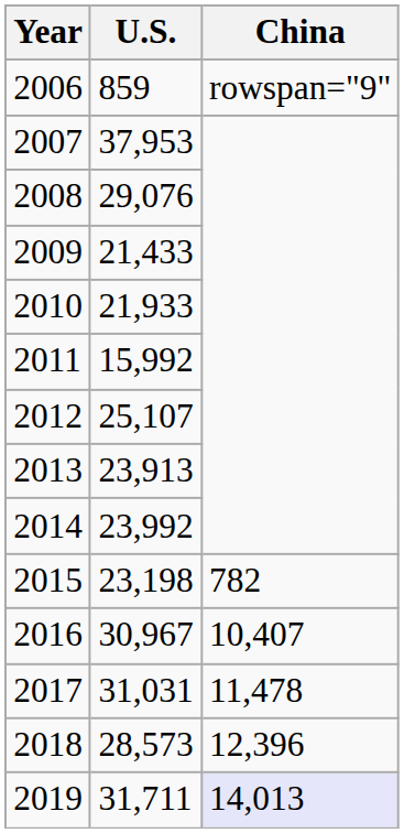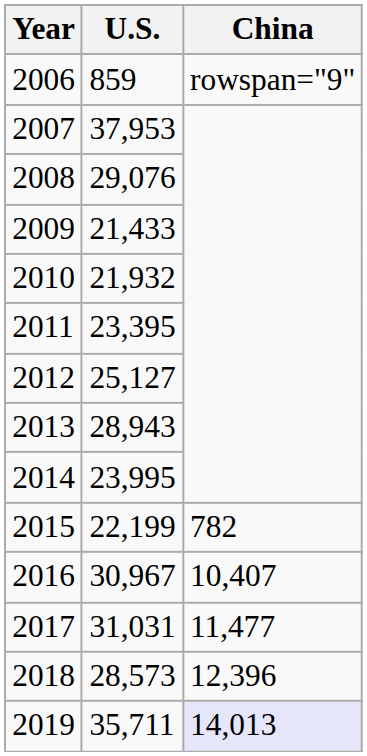 <table class="wikitable">
 <tr>
 <th>Year</th>
 <th>U.S.</th>
 <th>China</th>
 </tr>
 <tr>
 <td>2006</td>
 <td>859</td>
 <td>rowspan="9" </td>
 </tr>
 <tr>
 <td>2007</td>
 <td>37,953</td>
 </tr>
 <tr>
 <td>2008</td>
 <td>29,076</td>
 </tr>
 <tr>
 <td>2009</td>
 <td>21,433</td>
 </tr>
 <tr>
 <td>2010</td>
-<td>21,933</td>
+<td>21,932</td>
 </tr>
 <tr>
 <td>2011</td>
-<td>15,992</td>
+<td>23,395</td>
 </tr>
 <tr>
 <td>2012</td>
-<td>25,107</td>
+<td>25,127</td>
 </tr>
 <tr>
 <td>2013</td>
-<td>23,913</td>
+<td>28,943</td>
 </tr>
 <tr>
 <td>2014</td>
-<td>23,992</td>
+<td>23,995</td>
 </tr>
 <tr>
 <td>2015</td>
-<td>23,198</td>
+<td>22,199</td>
 <td>782</td>
 </tr>
 <tr>
 <td>2016</td>
 <td>30,967</td>
 <td>10,407</td>
 </tr>
 <tr>
 <td>2017</td>
 <td>31,031</td>
-<td>11,478</td>
+<td>11,477</td>
 </tr>
 <tr>
 <td>2018</td>
 <td>28,573</td>
 <td>12,396</td>
 </tr>
 <tr>
 <td>2019</td>
-<td>31,711</td>
+<td>35,711</td>
 <td style="background: lavender;">14,013</td>
 </tr>
 </table>
